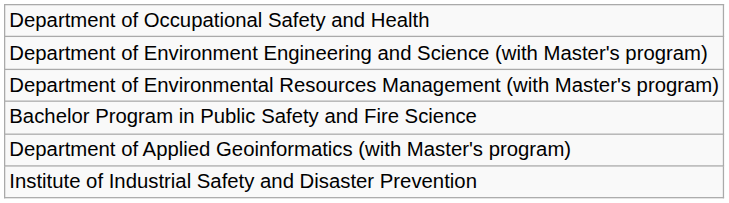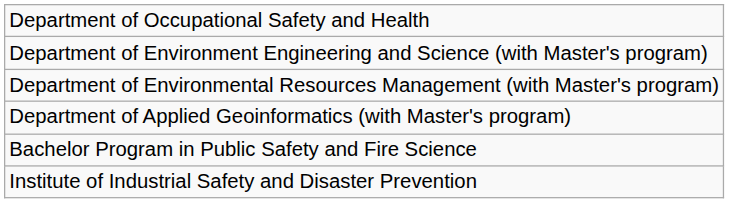 <table class="wikitable">
 <tr>
 <td>Department of Occupational Safety and Health</td>
 </tr>
 <tr>
 <td>Department of Environment Engineering and Science (with Master's program)</td>
 </tr>
 <tr>
 <td>Department of Environmental Resources Management (with Master's program)</td>
 </tr>
 <tr>
-<td>Bachelor Program in Public Safety and Fire Science</td>
+<td>Department of Applied Geoinformatics (with Master's program)</td>
 </tr>
 <tr>
-<td>Department of Applied Geoinformatics (with Master's program)</td>
+<td>Bachelor Program in Public Safety and Fire Science</td>
 </tr>
 <tr>
 <td>Institute of Industrial Safety and Disaster Prevention</td>
 </tr>
 </table>
